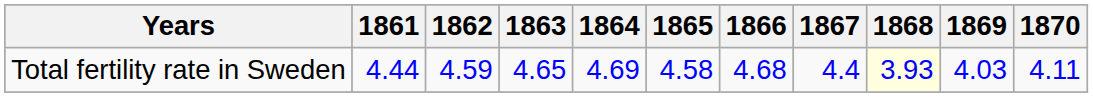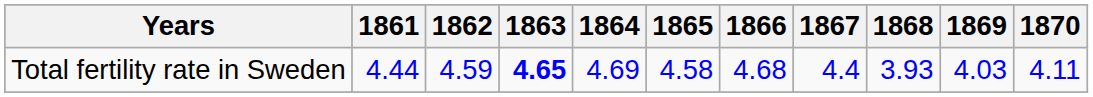 <table class="wikitable " style="text-align:right">
 <tr>
 <th>Years</th>
 <th>1861</th>
 <th>1862</th>
 <th>1863</th>
 <th>1864</th>
 <th>1865</th>
 <th>1866</th>
 <th>1867</th>
 <th>1868</th>
 <th>1869</th>
 <th>1870</th>
 </tr>
 <tr>
 <td style="text-align:left;">Total fertility rate in Sweden</td>
 <td style="text-align:right; color:blue;">4.44</td>
 <td style="text-align:right; color:blue;">4.59</td>
-<td style="text-align:right; color:blue;">4.65</td>
+<td style="text-align:right; color:blue;"><strong>4.65</strong></td>
 <td style="text-align:right; color:blue;">4.69</td>
 <td style="text-align:right; color:blue;">4.58</td>
 <td style="text-align:right; color:blue;">4.68</td>
 <td style="text-align:right; color:blue;">4.4</td>
-<td style="background: lightyellow; text-align:right; color:blue;">3.93</td>
+<td style="text-align:right; color:blue;">3.93</td>
 <td style="text-align:right; color:blue;">4.03</td>
 <td style="text-align:right; color:blue;">4.11</td>
 </tr>
 </table>
